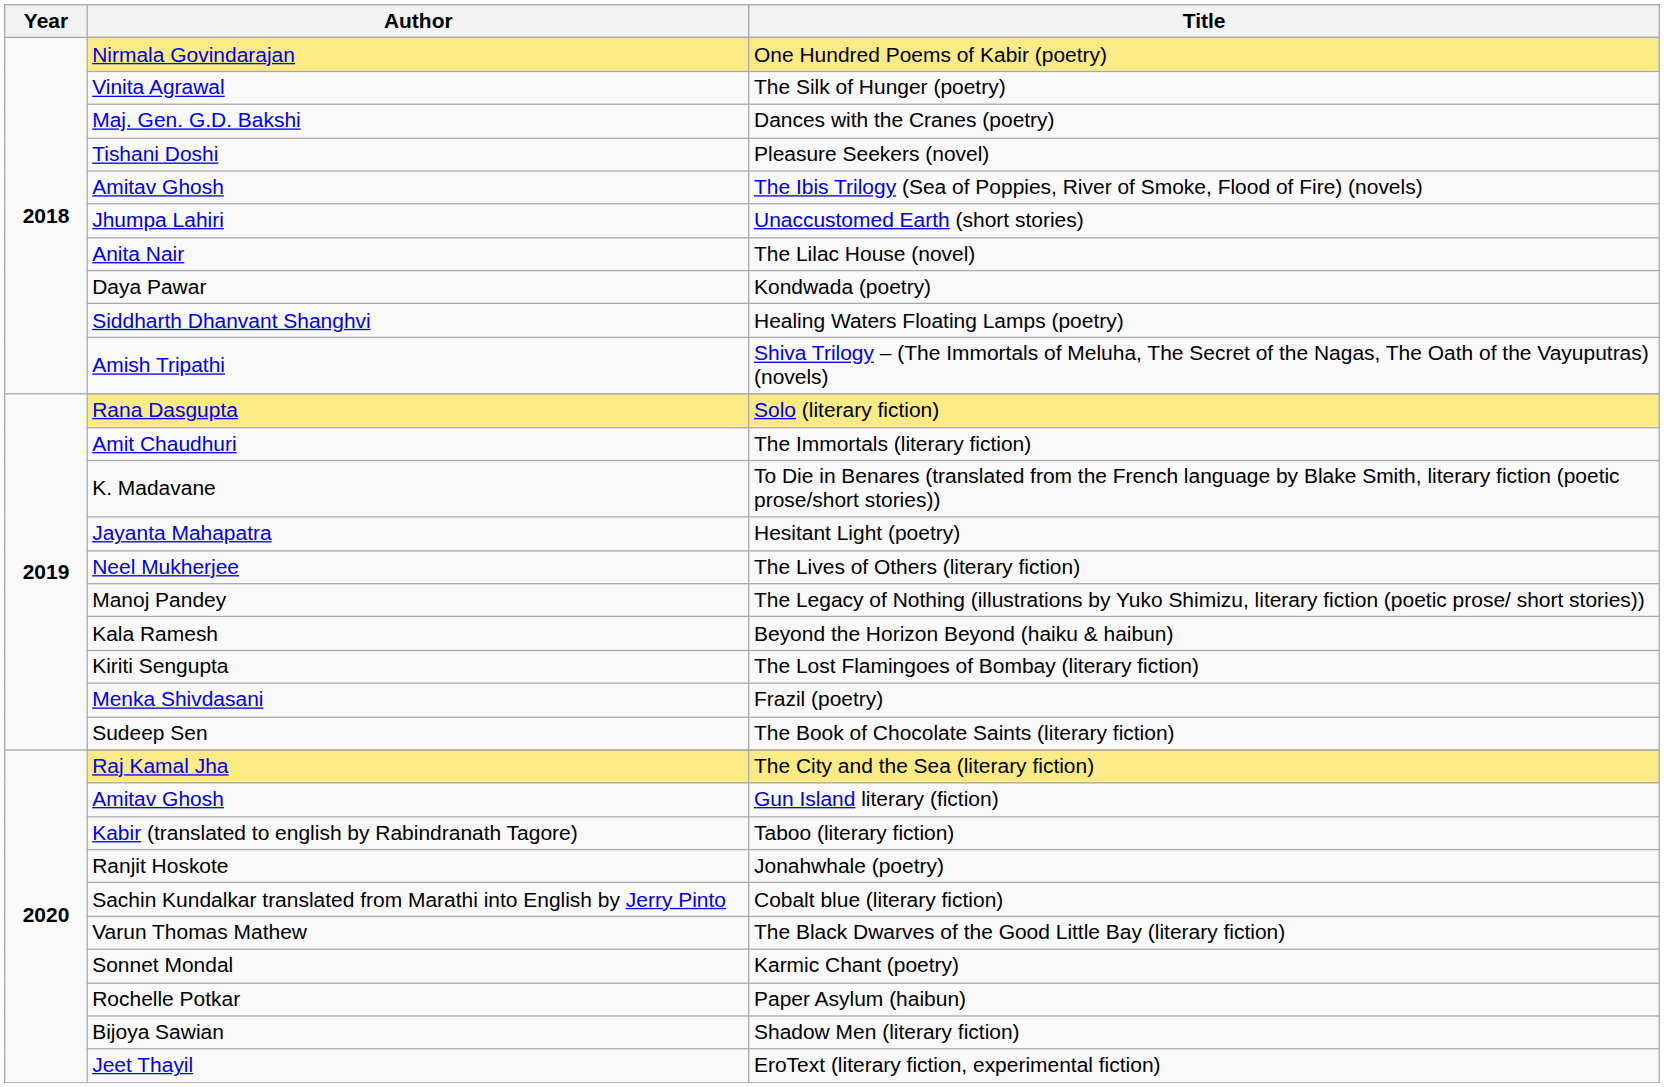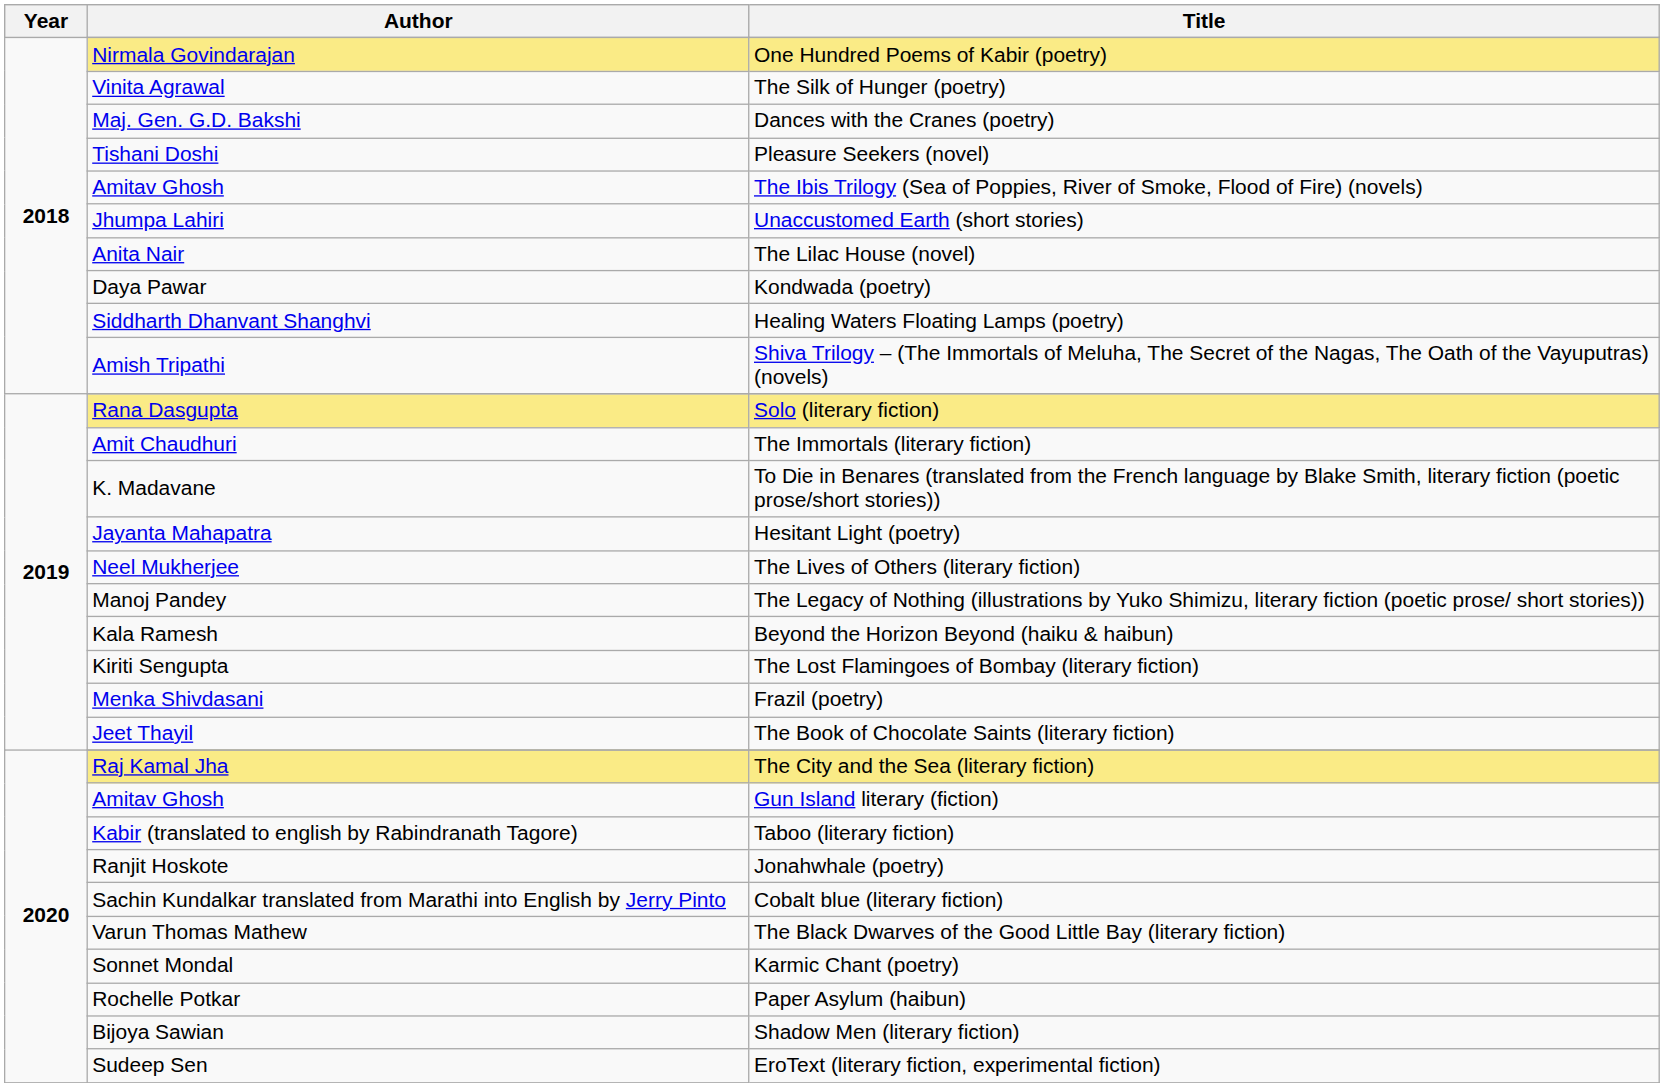 <table class="wikitable" style="width:100%">
 <tr bgcolor="#bebebe">
 <th width="5%">Year</th>
 <th width="40%">Author</th>
 <th width="55%">Title</th>
 </tr>
 <tr>
 <td rowspan=11 style="text-align:center"><strong>2018</strong></td>
 </tr>
 <tr style="background:#FAEB86">
 <td><a href='#'>Nirmala Govindarajan</a></td>
 <td>One Hundred Poems of Kabir (poetry)</td>
 </tr>
 <tr>
 <td><a href='#'>Vinita Agrawal</a></td>
 <td>The Silk of Hunger (poetry)</td>
 </tr>
 <tr>
 <td><a href='#'>Maj. Gen. G.D. Bakshi</a></td>
 <td>Dances with the Cranes (poetry)</td>
 </tr>
 <tr>
 <td><a href='#'>Tishani Doshi</a></td>
 <td>Pleasure Seekers (novel)</td>
 </tr>
 <tr>
 <td><a href='#'>Amitav Ghosh</a></td>
 <td><a href='#'>The Ibis Trilogy</a> (Sea of Poppies, River of Smoke, Flood of Fire) (novels)</td>
 </tr>
 <tr>
 <td><a href='#'>Jhumpa Lahiri</a></td>
 <td><a href='#'>Unaccustomed Earth</a> (short stories)</td>
 </tr>
 <tr>
 <td><a href='#'>Anita Nair</a></td>
 <td>The Lilac House (novel)</td>
 </tr>
 <tr>
 <td>Daya Pawar</td>
 <td>Kondwada (poetry)</td>
 </tr>
 <tr>
 <td><a href='#'>Siddharth Dhanvant Shanghvi</a></td>
 <td>Healing Waters Floating Lamps (poetry)</td>
 </tr>
 <tr>
 <td><a href='#'>Amish Tripathi</a></td>
 <td><a href='#'>Shiva Trilogy</a> – (The Immortals of Meluha, The Secret of the Nagas, The Oath of the Vayuputras) (novels)</td>
 </tr>
 <tr>
 <td rowspan=11 style="text-align:center"><strong>2019</strong></td>
 </tr>
 <tr style="background:#FAEB86">
 <td><a href='#'>Rana Dasgupta</a></td>
 <td><a href='#'>Solo</a> (literary fiction)</td>
 </tr>
 <tr>
 <td><a href='#'>Amit Chaudhuri</a></td>
 <td>The Immortals (literary fiction)</td>
 </tr>
 <tr>
 <td>K. Madavane</td>
 <td>To Die in Benares (translated from the French language by Blake Smith, literary fiction (poetic prose/short stories))</td>
 </tr>
 <tr>
 <td><a href='#'>Jayanta Mahapatra</a></td>
 <td>Hesitant Light (poetry)</td>
 </tr>
 <tr>
 <td><a href='#'>Neel Mukherjee</a></td>
 <td>The Lives of Others (literary fiction)</td>
 </tr>
 <tr>
 <td>Manoj Pandey</td>
 <td>The Legacy of Nothing (illustrations by Yuko Shimizu, literary fiction (poetic prose/ short stories))</td>
 </tr>
 <tr>
 <td>Kala Ramesh</td>
 <td>Beyond the Horizon Beyond (haiku & haibun)</td>
 </tr>
 <tr>
 <td>Kiriti Sengupta</td>
 <td>The Lost Flamingoes of Bombay (literary fiction)</td>
 </tr>
 <tr>
 <td><a href='#'>Menka Shivdasani</a></td>
 <td>Frazil (poetry)</td>
 </tr>
 <tr>
-<td>Sudeep Sen</td>
+<td><a href='#'>Jeet Thayil</a></td>
 <td>The Book of Chocolate Saints (literary fiction)</td>
 </tr>
 <tr>
 <td rowspan=11 style="text-align:center"><strong>2020</strong></td>
 </tr>
 <tr style="background:#FAEB86">
 <td><a href='#'>Raj Kamal Jha</a></td>
 <td>The City and the Sea (literary fiction)</td>
 </tr>
 <tr>
 <td><a href='#'>Amitav Ghosh</a></td>
 <td><a href='#'>Gun Island</a> literary (fiction)</td>
 </tr>
 <tr>
 <td><a href='#'>Kabir</a> (translated to english by Rabindranath Tagore)</td>
 <td>Taboo (literary fiction)</td>
 </tr>
 <tr>
 <td>Ranjit Hoskote</td>
 <td>Jonahwhale (poetry)</td>
 </tr>
 <tr>
 <td>Sachin Kundalkar translated from Marathi into English by <a href='#'>Jerry Pinto</a></td>
 <td>Cobalt blue (literary fiction)</td>
 </tr>
 <tr>
 <td>Varun Thomas Mathew</td>
 <td>The Black Dwarves of the Good Little Bay (literary fiction)</td>
 </tr>
 <tr>
 <td>Sonnet Mondal</td>
 <td>Karmic Chant (poetry)</td>
 </tr>
 <tr>
 <td>Rochelle Potkar</td>
 <td>Paper Asylum (haibun)</td>
 </tr>
 <tr>
 <td>Bijoya Sawian</td>
 <td>Shadow Men (literary fiction)</td>
 </tr>
 <tr>
-<td><a href='#'>Jeet Thayil</a></td>
+<td>Sudeep Sen</td>
 <td>EroText (literary fiction, experimental fiction)</td>
 </tr>
 </table>
